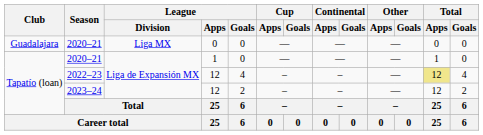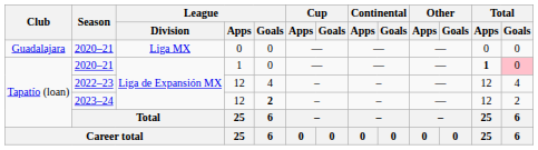 <table class="wikitable" style="text-align:center">
 <tr>
 <th rowspan="2">Club</th>
 <th rowspan="2">Season</th>
 <th colspan="3">League</th>
 <th colspan="2">Cup</th>
 <th colspan="2">Continental</th>
 <th colspan="2">Other</th>
 <th colspan="2">Total</th>
 </tr>
 <tr>
 <th>Division</th>
 <th>Apps</th>
 <th>Goals</th>
 <th>Apps</th>
 <th>Goals</th>
 <th>Apps</th>
 <th>Goals</th>
 <th>Apps</th>
 <th>Goals</th>
 <th>Apps</th>
 <th>Goals</th>
 </tr>
 <tr>
 <td><a href='#'>Guadalajara</a></td>
 <td><a href='#'>2020–21</a></td>
 <td><a href='#'>Liga MX</a></td>
 <td>0</td>
 <td>0</td>
 <td colspan=2>—</td>
 <td colspan=2>—</td>
 <td colspan=2>—</td>
 <td>0</td>
 <td>0</td>
 </tr>
 <tr>
 <td rowspan="4"><a href='#'>Tapatío</a> (loan)</td>
 <td><a href='#'>2020–21</a></td>
 <td rowspan="3"><a href='#'>Liga de Expansión MX</a></td>
 <td>1</td>
 <td>0</td>
 <td colspan=2>—</td>
 <td colspan=2>—</td>
 <td colspan=2>—</td>
-<td>1</td>
-<td>0</td>
+<td><strong>1</strong></td>
+<td style="background: pink;">0</td>
 </tr>
 <tr>
 <td><a href='#'>2022–23</a></td>
 <td>12</td>
 <td>4</td>
 <td colspan="2">–</td>
 <td colspan="2">–</td>
 <td colspan="2">—</td>
-<td style="background: khaki;">12</td>
+<td>12</td>
 <td>4</td>
 </tr>
 <tr>
 <td><a href='#'>2023–24</a></td>
 <td>12</td>
-<td>2</td>
+<td><strong>2</strong></td>
 <td colspan="2">–</td>
 <td colspan="2">–</td>
 <td colspan="2">—</td>
 <td>12</td>
 <td>2</td>
 </tr>
 <tr>
 <th colspan="2">Total</th>
 <th>25</th>
 <th>6</th>
 <th colspan="2">–</th>
 <th colspan="2">–</th>
 <th colspan="2">–</th>
 <th>25</th>
 <th>6</th>
 </tr>
 <tr>
 <th colspan="3">Career total</th>
 <th>25</th>
 <th>6</th>
 <th>0</th>
 <th>0</th>
 <th>0</th>
 <th>0</th>
 <th>0</th>
 <th>0</th>
 <th>25</th>
 <th>6</th>
 </tr>
 </table>
